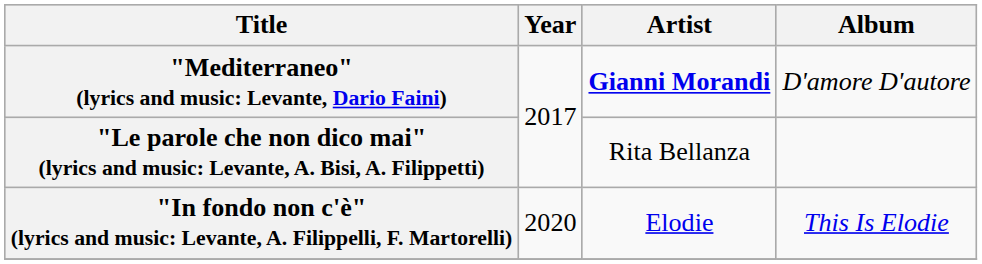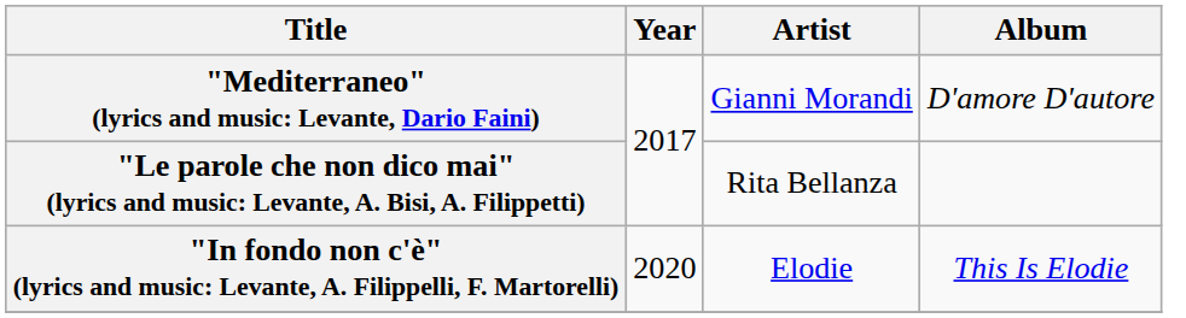 <table class="wikitable plainrowheaders">
 <tr>
 <th>Title</th>
 <th>Year</th>
 <th>Artist</th>
 <th>Album</th>
 </tr>
 <tr>
 <th scope="row">"Mediterraneo"<br><small>(lyrics and music: Levante,  <a href='#'>Dario Faini</a>)</small></th>
 <td rowspan=2>2017</td>
-<td rowspan=1 style="text-align:center;"><strong><a href='#'>Gianni Morandi</a></strong></td>
+<td rowspan=1 style="text-align:center;"><a href='#'>Gianni Morandi</a></td>
 <td style="text-align:center;"><em>D'amore D'autore</em></td>
 </tr>
 <tr>
 <th scope="row">"Le parole che non dico mai"<br><small>(lyrics and music: Levante,  A. Bisi, A. Filippetti)</small></th>
 <td rowspan=1 style="text-align:center;">Rita Bellanza</td>
 <td></td>
 </tr>
 <tr>
 <th scope="row">"In fondo non c'è"<br><small>(lyrics and music: Levante,  A. Filippelli, F. Martorelli)</small></th>
 <td>2020</td>
 <td rowspan=1 style="text-align:center;"><a href='#'>Elodie</a></td>
 <td style="text-align:center;"><em><a href='#'>This Is Elodie</a></em></td>
 </tr>
 <tr>
 </tr>
 </table>
